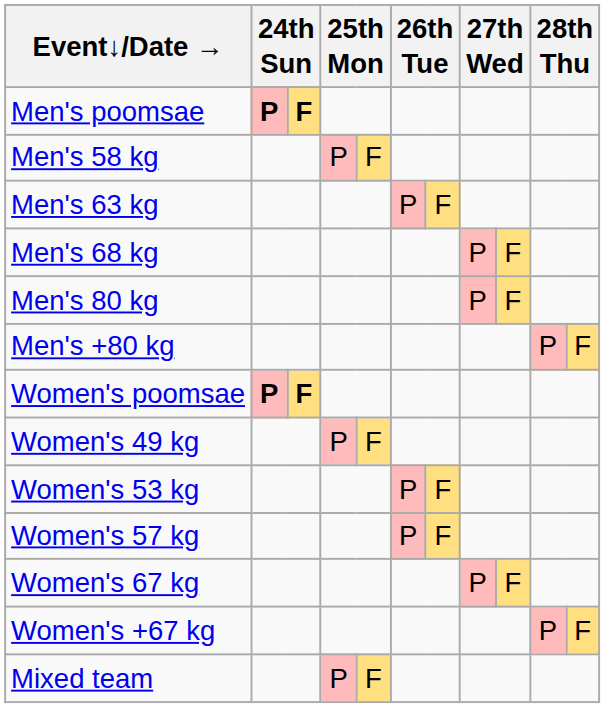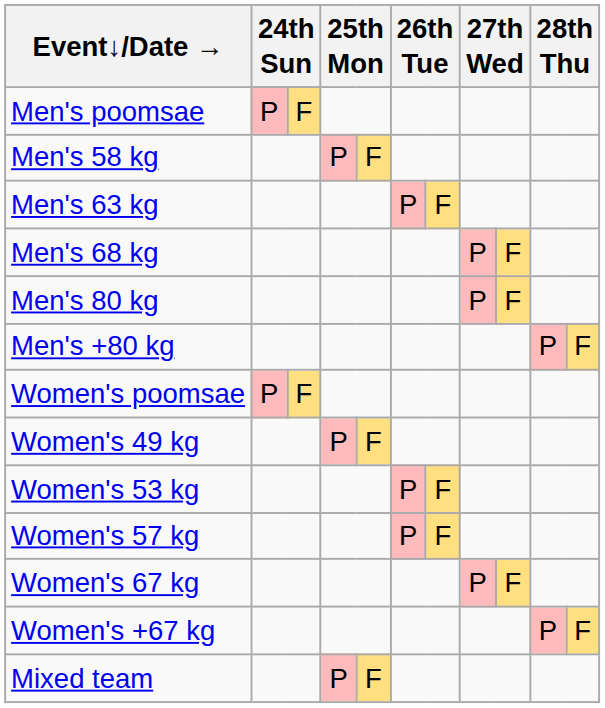 <table class="wikitable" style="margin:0.5em auto; font-size:90%; line-height:1.25em; text-align:center;">
 <tr>
 <th>Event↓/Date →</th>
 <th colspan=2>24th<br>Sun</th>
 <th colspan=2>25th<br>Mon</th>
 <th colspan=2>26th<br>Tue</th>
 <th colspan=2>27th<br>Wed</th>
 <th colspan=2>28th<br>Thu</th>
 </tr>
 <tr>
 <td align="left"><a href='#'>Men's poomsae</a></td>
-<td bgcolor="#FFBBBB"><strong>P</strong></td>
-<td bgcolor="#FFDF80"><strong>F</strong></td>
+<td bgcolor="#FFBBBB">P</td>
+<td bgcolor="#FFDF80">F</td>
 <td colspan=2></td>
 <td colspan=2></td>
 <td colspan=2></td>
 <td colspan=2></td>
 </tr>
 <tr>
 <td align="left"><a href='#'>Men's 58 kg</a></td>
 <td colspan=2></td>
 <td bgcolor="#FFBBBB">P</td>
 <td bgcolor="#FFDF80">F</td>
 <td colspan=2></td>
 <td colspan=2></td>
 <td colspan=2></td>
 </tr>
 <tr>
 <td align="left"><a href='#'>Men's 63 kg</a></td>
 <td colspan=2></td>
 <td colspan=2></td>
 <td bgcolor="#FFBBBB">P</td>
 <td bgcolor="#FFDF80">F</td>
 <td colspan=2></td>
 <td colspan=2></td>
 </tr>
 <tr>
 <td align="left"><a href='#'>Men's 68 kg</a></td>
 <td colspan=2></td>
 <td colspan=2></td>
 <td colspan=2></td>
 <td bgcolor="#FFBBBB">P</td>
 <td bgcolor="#FFDF80">F</td>
 <td colspan=2></td>
 </tr>
 <tr>
 <td align="left"><a href='#'>Men's 80 kg</a></td>
 <td colspan=2></td>
 <td colspan=2></td>
 <td colspan=2></td>
 <td bgcolor="#FFBBBB">P</td>
 <td bgcolor="#FFDF80">F</td>
 <td colspan=2></td>
 </tr>
 <tr>
 <td align="left"><a href='#'>Men's +80 kg</a></td>
 <td colspan=2></td>
 <td colspan=2></td>
 <td colspan=2></td>
 <td colspan=2></td>
 <td bgcolor="#FFBBBB">P</td>
 <td bgcolor="#FFDF80">F</td>
 </tr>
 <tr>
 <td align="left"><a href='#'>Women's poomsae</a></td>
-<td bgcolor="#FFBBBB"><strong>P</strong></td>
-<td bgcolor="#FFDF80"><strong>F</strong></td>
+<td bgcolor="#FFBBBB">P</td>
+<td bgcolor="#FFDF80">F</td>
 <td colspan=2></td>
 <td colspan=2></td>
 <td colspan=2></td>
 <td colspan=2></td>
 </tr>
 <tr>
 <td align="left"><a href='#'>Women's 49 kg</a></td>
 <td colspan=2></td>
 <td bgcolor="#FFBBBB">P</td>
 <td bgcolor="#FFDF80">F</td>
 <td colspan=2></td>
 <td colspan=2></td>
 <td colspan=2></td>
 </tr>
 <tr>
 <td align="left"><a href='#'>Women's 53 kg</a></td>
 <td colspan=2></td>
 <td colspan=2></td>
 <td bgcolor="#FFBBBB">P</td>
 <td bgcolor="#FFDF80">F</td>
 <td colspan=2></td>
 <td colspan=2></td>
 </tr>
 <tr>
 <td align="left"><a href='#'>Women's 57 kg</a></td>
 <td colspan=2></td>
 <td colspan=2></td>
 <td bgcolor="#FFBBBB">P</td>
 <td bgcolor="#FFDF80">F</td>
 <td colspan=2></td>
 <td colspan=2></td>
 </tr>
 <tr>
 <td align="left"><a href='#'>Women's 67 kg</a></td>
 <td colspan=2></td>
 <td colspan=2></td>
 <td colspan=2></td>
 <td bgcolor="#FFBBBB">P</td>
 <td bgcolor="#FFDF80">F</td>
 <td colspan=2></td>
 </tr>
 <tr>
 <td align="left"><a href='#'>Women's +67 kg</a></td>
 <td colspan=2></td>
 <td colspan=2></td>
 <td colspan=2></td>
 <td colspan=2></td>
 <td bgcolor="#FFBBBB">P</td>
 <td bgcolor="#FFDF80">F</td>
 </tr>
 <tr>
 <td align="left"><a href='#'>Mixed team</a></td>
 <td colspan=2></td>
 <td bgcolor="#FFBBBB">P</td>
 <td bgcolor="#FFDF80">F</td>
 <td colspan=2></td>
 <td colspan=2></td>
 <td colspan=2></td>
 </tr>
 </table>
